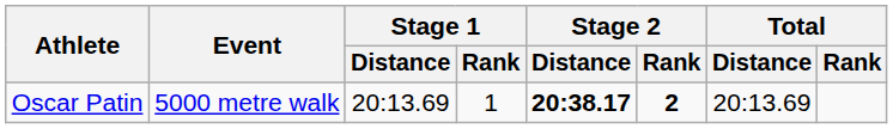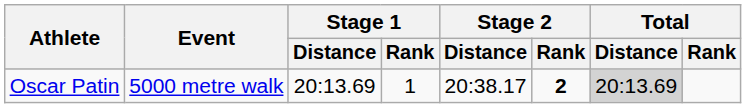 <table class="wikitable" style="text-align:center;font-size:90%">
 <tr>
 <th rowspan=2>Athlete</th>
 <th rowspan=2>Event</th>
 <th colspan=2>Stage 1</th>
 <th colspan=2>Stage 2</th>
 <th colspan=2>Total</th>
 </tr>
 <tr style="font-size:95%">
 <th>Distance</th>
 <th>Rank</th>
 <th>Distance</th>
 <th>Rank</th>
 <th>Distance</th>
 <th>Rank</th>
 </tr>
 <tr>
 <td align=left><a href='#'>Oscar Patin</a></td>
 <td align=left><a href='#'>5000 metre walk</a></td>
 <td>20:13.69</td>
 <td>1</td>
-<td><strong>20:38.17</strong></td>
+<td>20:38.17</td>
 <td><strong>2</strong></td>
-<td>20:13.69</td>
+<td style="background: lightgrey;">20:13.69</td>
 <td></td>
 </tr>
 </table>
